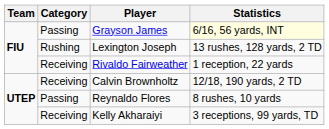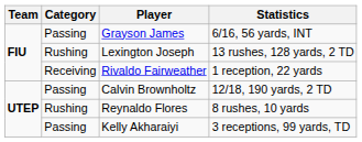 <table class="wikitable" style="float: left;">
 <tr>
 <th>Team</th>
 <th>Category</th>
 <th>Player</th>
 <th>Statistics</th>
 </tr>
 <tr>
 <td rowspan=3><strong>FIU</strong></td>
 <td>Passing</td>
 <td><a href='#'>Grayson James</a></td>
-<td style="background: lightyellow;">6/16, 56 yards, INT</td>
+<td>6/16, 56 yards, INT</td>
 </tr>
 <tr>
 <td>Rushing</td>
 <td>Lexington Joseph</td>
 <td>13 rushes, 128 yards, 2 TD</td>
 </tr>
 <tr>
 <td>Receiving</td>
 <td><a href='#'>Rivaldo Fairweather</a></td>
 <td>1 reception, 22 yards</td>
 </tr>
 <tr>
 <td rowspan=3><strong>UTEP</strong></td>
-<td>Receiving</td>
+<td>Passing</td>
 <td>Calvin Brownholtz</td>
 <td>12/18, 190 yards, 2 TD</td>
 </tr>
 <tr>
-<td>Passing</td>
+<td>Rushing</td>
 <td>Reynaldo Flores</td>
 <td>8 rushes, 10 yards</td>
 </tr>
 <tr>
-<td>Receiving</td>
+<td>Passing</td>
 <td>Kelly Akharaiyi</td>
 <td>3 receptions, 99 yards, TD</td>
 </tr>
 </table>
